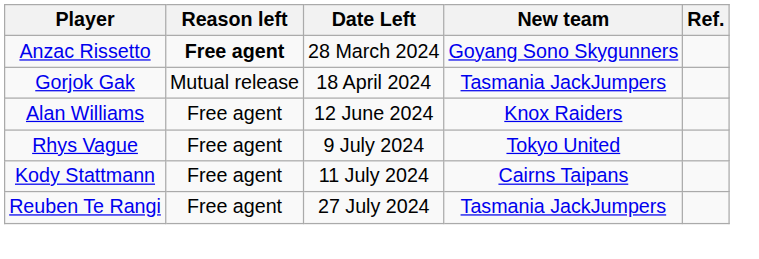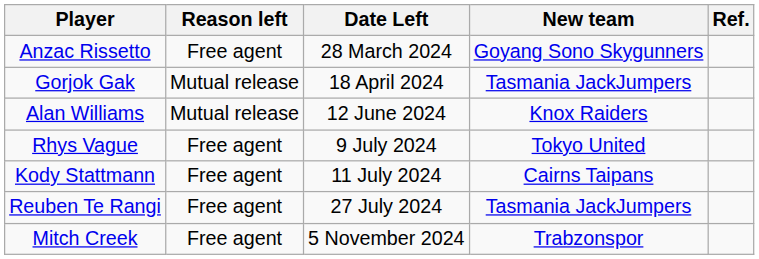 <table class="wikitable sortable sortable" style="text-align: center">
 <tr>
 <th>Player</th>
 <th>Reason left</th>
 <th>Date Left</th>
 <th>New team</th>
 <th>Ref.</th>
 </tr>
 <tr>
 <td><a href='#'>Anzac Rissetto</a></td>
-<td><strong>Free agent</strong></td>
+<td>Free agent</td>
 <td>28 March 2024</td>
 <td><a href='#'>Goyang Sono Skygunners</a></td>
 <td></td>
 </tr>
 <tr>
 <td><a href='#'>Gorjok Gak</a></td>
 <td>Mutual release</td>
 <td>18 April 2024</td>
 <td><a href='#'>Tasmania JackJumpers</a></td>
 <td></td>
 </tr>
 <tr>
 <td><a href='#'>Alan Williams</a></td>
-<td>Free agent</td>
+<td>Mutual release</td>
 <td>12 June 2024</td>
 <td><a href='#'>Knox Raiders</a></td>
 <td></td>
 </tr>
 <tr>
 <td><a href='#'>Rhys Vague</a></td>
 <td>Free agent</td>
 <td>9 July 2024</td>
 <td><a href='#'>Tokyo United</a></td>
 <td></td>
 </tr>
 <tr>
 <td><a href='#'>Kody Stattmann</a></td>
 <td>Free agent</td>
 <td>11 July 2024</td>
 <td><a href='#'>Cairns Taipans</a></td>
 <td></td>
 </tr>
 <tr>
 <td><a href='#'>Reuben Te Rangi</a></td>
 <td>Free agent</td>
 <td>27 July 2024</td>
 <td><a href='#'>Tasmania JackJumpers</a></td>
 <td></td>
 </tr>
+<tr>
+<td><a href='#'>Mitch Creek</a></td>
+<td>Free agent</td>
+<td>5 November 2024</td>
+<td><a href='#'>Trabzonspor</a></td>
+<td></td>
+</tr>
 </table>
